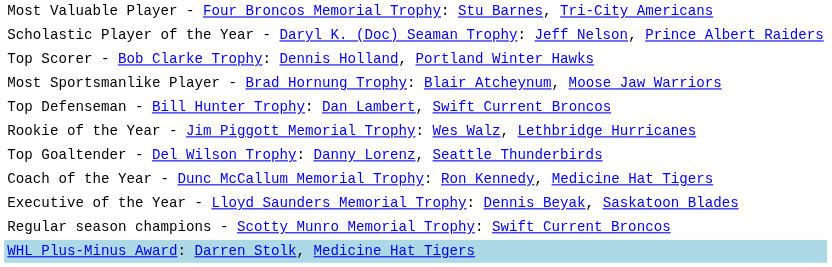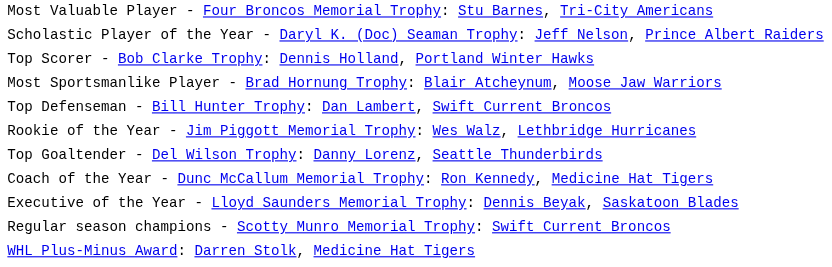 <table cellpadding="3" cellspacing="1">
 <tr>
 <td>Most Valuable Player - <a href='#'>Four Broncos Memorial Trophy</a>: <a href='#'>Stu Barnes</a>, <a href='#'>Tri-City Americans</a></td>
 </tr>
 <tr>
 <td>Scholastic Player of the Year - <a href='#'>Daryl K. (Doc) Seaman Trophy</a>: <a href='#'>Jeff Nelson</a>, <a href='#'>Prince Albert Raiders</a></td>
 </tr>
 <tr>
 <td>Top Scorer - <a href='#'>Bob Clarke Trophy</a>: <a href='#'>Dennis Holland</a>, <a href='#'>Portland Winter Hawks</a></td>
 </tr>
 <tr>
 <td>Most Sportsmanlike Player - <a href='#'>Brad Hornung Trophy</a>: <a href='#'>Blair Atcheynum</a>, <a href='#'>Moose Jaw Warriors</a></td>
 </tr>
 <tr>
 <td>Top Defenseman - <a href='#'>Bill Hunter Trophy</a>: <a href='#'>Dan Lambert</a>, <a href='#'>Swift Current Broncos</a></td>
 </tr>
 <tr>
 <td>Rookie of the Year - <a href='#'>Jim Piggott Memorial Trophy</a>: <a href='#'>Wes Walz</a>, <a href='#'>Lethbridge Hurricanes</a></td>
 </tr>
 <tr>
 <td>Top Goaltender - <a href='#'>Del Wilson Trophy</a>: <a href='#'>Danny Lorenz</a>, <a href='#'>Seattle Thunderbirds</a></td>
 </tr>
 <tr>
 <td>Coach of the Year - <a href='#'>Dunc McCallum Memorial Trophy</a>: <a href='#'>Ron Kennedy</a>, <a href='#'>Medicine Hat Tigers</a></td>
 </tr>
 <tr>
 <td>Executive of the Year - <a href='#'>Lloyd Saunders Memorial Trophy</a>: <a href='#'>Dennis Beyak</a>, <a href='#'>Saskatoon Blades</a></td>
 </tr>
 <tr>
 <td>Regular season champions - <a href='#'>Scotty Munro Memorial Trophy</a>: <a href='#'>Swift Current Broncos</a></td>
 </tr>
 <tr>
-<td style="background: lightblue;"><a href='#'>WHL Plus-Minus Award</a>: <a href='#'>Darren Stolk</a>, <a href='#'>Medicine Hat Tigers</a></td>
+<td><a href='#'>WHL Plus-Minus Award</a>: <a href='#'>Darren Stolk</a>, <a href='#'>Medicine Hat Tigers</a></td>
 </tr>
 </table>
